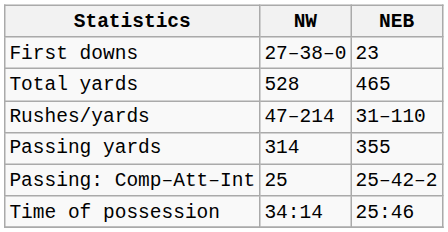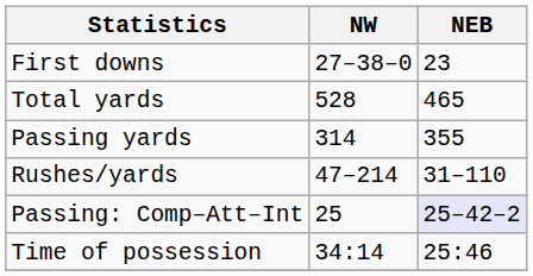 <table class="wikitable" style="float: left;">
 <tr>
 <th>Statistics</th>
 <th>NW</th>
 <th>NEB</th>
 </tr>
 <tr>
 <td>First downs</td>
 <td>27–38–0</td>
 <td>23</td>
 </tr>
 <tr>
 <td>Total yards</td>
 <td>528</td>
 <td>465</td>
 </tr>
 <tr>
+<td>Passing yards</td>
+<td>314</td>
+<td>355</td>
+</tr>
+<tr>
 <td>Rushes/yards</td>
 <td>47–214</td>
 <td>31–110</td>
 </tr>
 <tr>
-<td>Passing yards</td>
-<td>314</td>
-<td>355</td>
-</tr>
-<tr>
 <td>Passing: Comp–Att–Int</td>
 <td>25</td>
-<td>25–42–2</td>
+<td style="background: lavender;">25–42–2</td>
 </tr>
 <tr>
 <td>Time of possession</td>
 <td>34:14</td>
 <td>25:46</td>
 </tr>
 <tr>
 </tr>
 </table>
